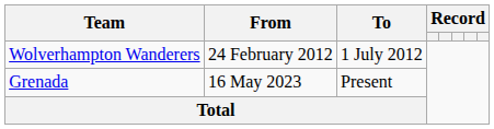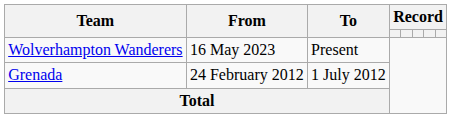 <table class=wikitable style="text-align: center">
 <tr>
 <th rowspan=2>Team</th>
 <th rowspan=2>From</th>
 <th rowspan=2>To</th>
 <th colspan=5>Record</th>
 </tr>
 <tr>
 <th></th>
 <th></th>
 <th></th>
 <th></th>
 <th></th>
 </tr>
 <tr>
 <td align=left><a href='#'>Wolverhampton Wanderers</a></td>
-<td align=left>24 February 2012</td>
-<td align=left>1 July 2012<br></td>
+<td align=left>16 May 2023</td>
+<td align=left>Present<br></td>
 </tr>
 <tr>
 <td align=left><a href='#'>Grenada</a></td>
-<td align=left>16 May 2023</td>
-<td align=left>Present<br></td>
+<td align=left>24 February 2012</td>
+<td align=left>1 July 2012<br></td>
 </tr>
 <tr>
 <th colspan=3>Total<br></th>
 </tr>
 </table>
